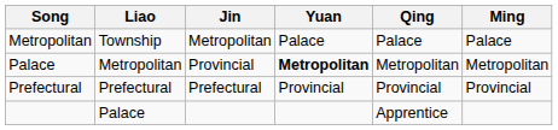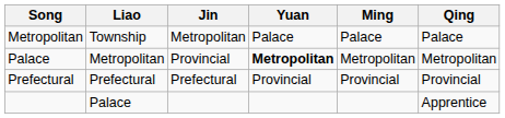 <table class="wikitable">
 <tr>
 <th>Song</th>
 <th>Liao</th>
 <th>Jin</th>
 <th>Yuan</th>
+<th>Ming</th>
 <th>Qing</th>
-<th>Ming</th>
 </tr>
 <tr>
 <td>Metropolitan</td>
 <td>Township</td>
 <td>Metropolitan</td>
 <td>Palace</td>
 <td>Palace</td>
 <td>Palace</td>
 </tr>
 <tr>
 <td>Palace</td>
 <td>Metropolitan</td>
 <td>Provincial</td>
 <td><strong>Metropolitan</strong></td>
 <td>Metropolitan</td>
 <td>Metropolitan</td>
 </tr>
 <tr>
 <td>Prefectural</td>
 <td>Prefectural</td>
 <td>Prefectural</td>
 <td>Provincial</td>
 <td>Provincial</td>
 <td>Provincial</td>
 </tr>
 <tr>
 <td></td>
 <td>Palace</td>
 <td></td>
 <td></td>
+<td></td>
 <td>Apprentice</td>
-<td></td>
 </tr>
 </table>
